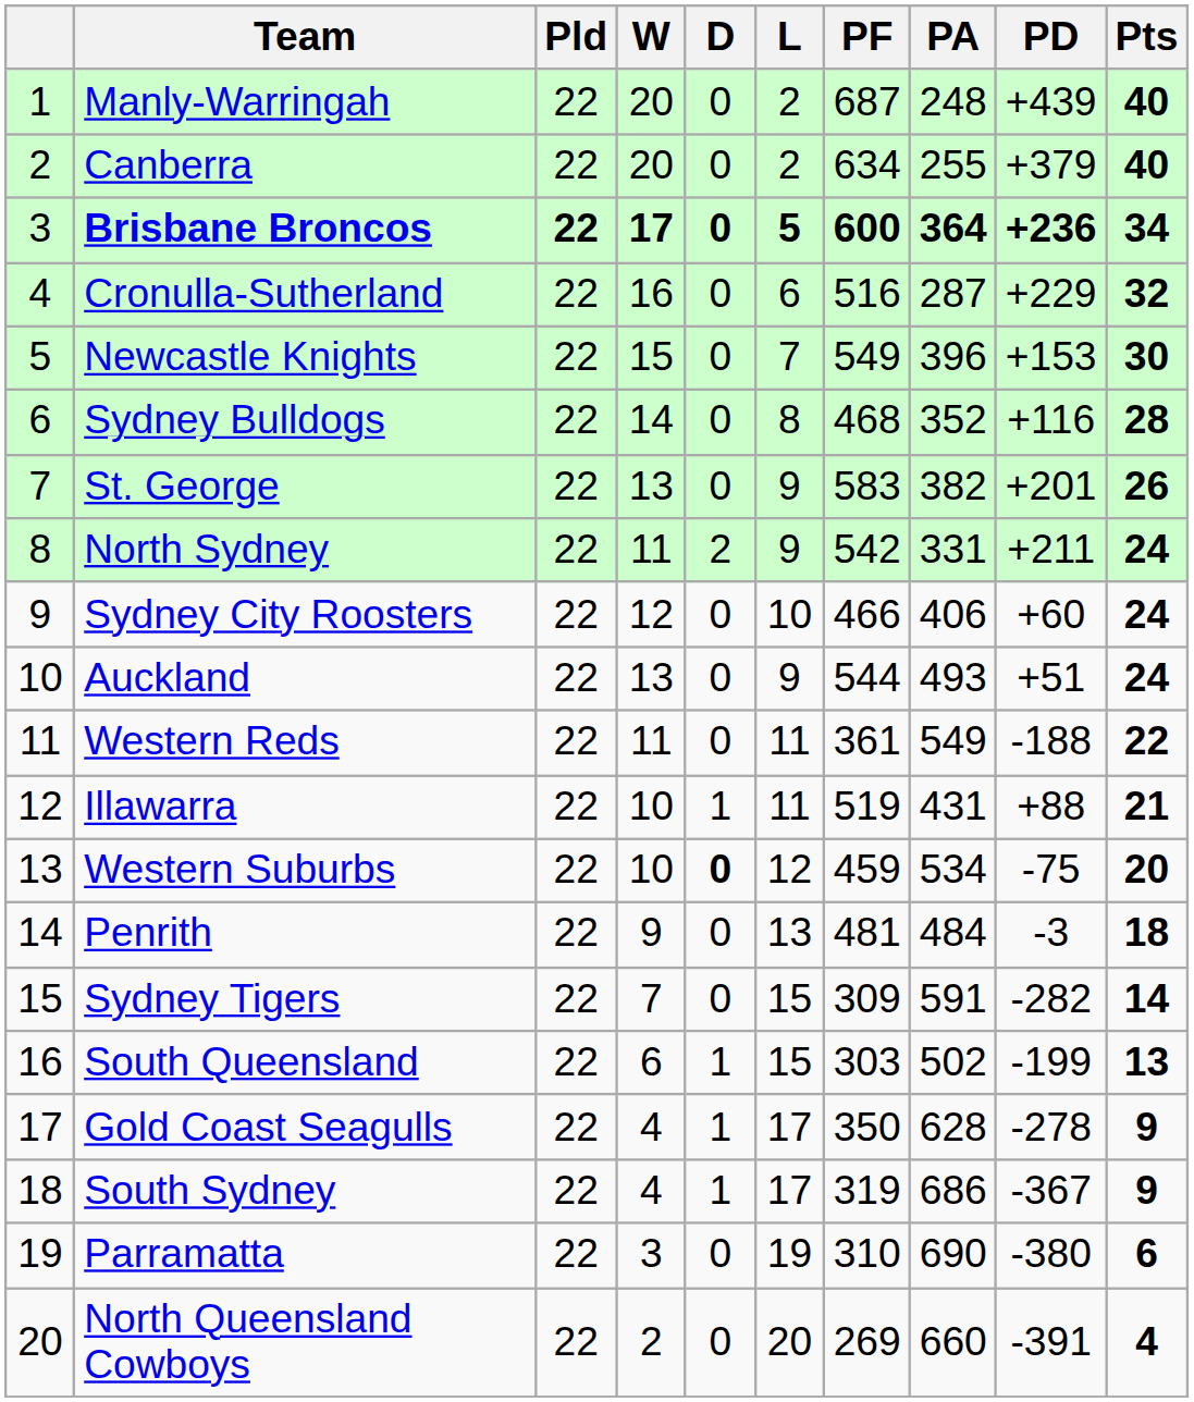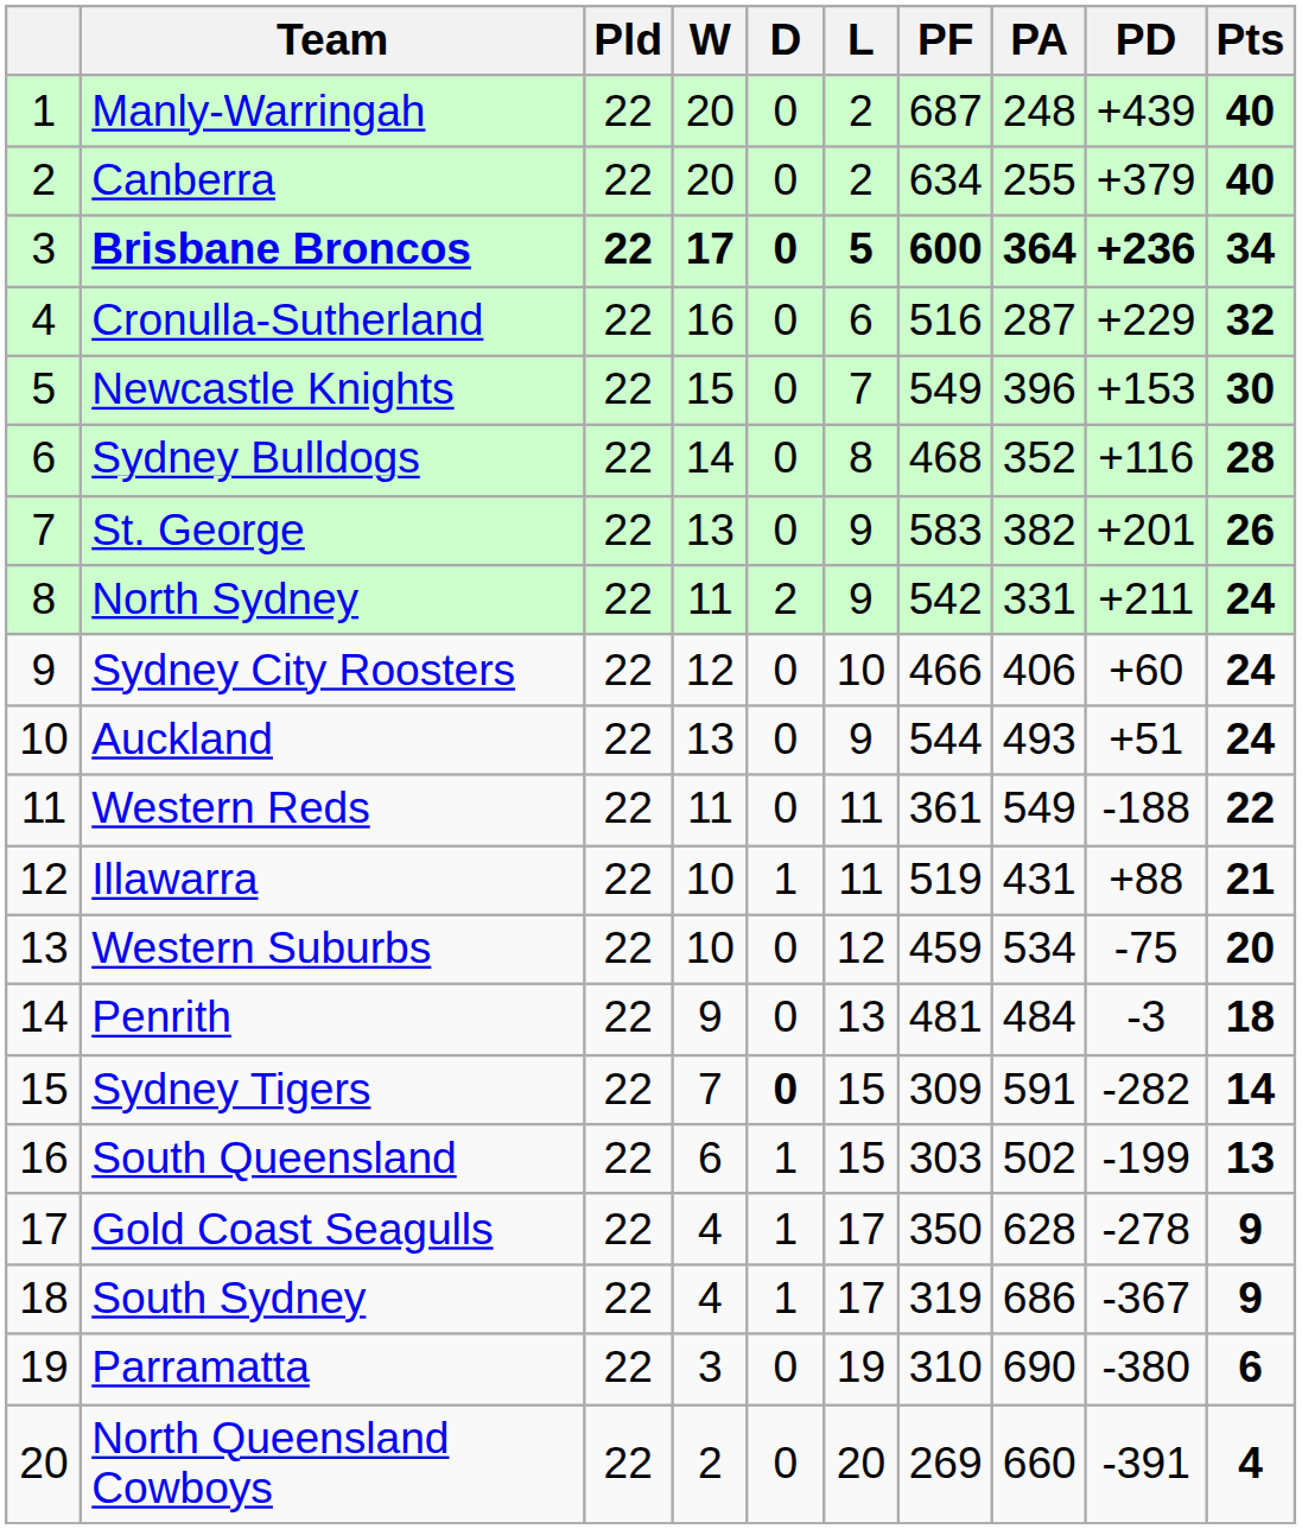 <table class="wikitable" style="text-align:center;">
 <tr>
 <th width=20 abbr="Position×"></th>
 <th width=175>Team</th>
 <th width=20 abbr="Played">Pld</th>
 <th width=20 abbr="Won">W</th>
 <th width=20 abbr="Drawn">D</th>
 <th width=20 abbr="Lost">L</th>
 <th width=20 abbr="Points for">PF</th>
 <th width=20 abbr="Points against">PA</th>
 <th width=20 abbr="Points difference">PD</th>
 <th width=20 abbr="Points">Pts</th>
 </tr>
 <tr style="background: #ccffcc;">
 <td>1</td>
 <td style="text-align:left;"> <a href='#'>Manly-Warringah</a></td>
 <td>22</td>
 <td>20</td>
 <td>0</td>
 <td>2</td>
 <td>687</td>
 <td>248</td>
 <td>+439</td>
 <td><strong>40</strong></td>
 </tr>
 <tr style="background: #ccffcc;">
 <td>2</td>
 <td style="text-align:left;"> <a href='#'>Canberra</a></td>
 <td>22</td>
 <td>20</td>
 <td>0</td>
 <td>2</td>
 <td>634</td>
 <td>255</td>
 <td>+379</td>
 <td><strong>40</strong></td>
 </tr>
 <tr style="background: #ccffcc;">
 <td>3</td>
 <td style="text-align:left;"> <strong><a href='#'>Brisbane Broncos</a></strong></td>
 <td><strong>22</strong></td>
 <td><strong>17</strong></td>
 <td><strong>0</strong></td>
 <td><strong>5</strong></td>
 <td><strong>600</strong></td>
 <td><strong>364</strong></td>
 <td><strong>+236</strong></td>
 <td><strong>34</strong></td>
 </tr>
 <tr style="background: #ccffcc;">
 <td>4</td>
 <td style="text-align:left;"> <a href='#'>Cronulla-Sutherland</a></td>
 <td>22</td>
 <td>16</td>
 <td>0</td>
 <td>6</td>
 <td>516</td>
 <td>287</td>
 <td>+229</td>
 <td><strong>32</strong></td>
 </tr>
 <tr style="background: #ccffcc;">
 <td>5</td>
 <td style="text-align:left;"> <a href='#'>Newcastle Knights</a></td>
 <td>22</td>
 <td>15</td>
 <td>0</td>
 <td>7</td>
 <td>549</td>
 <td>396</td>
 <td>+153</td>
 <td><strong>30</strong></td>
 </tr>
 <tr style="background: #ccffcc;">
 <td>6</td>
 <td style="text-align:left;"> <a href='#'>Sydney Bulldogs</a></td>
 <td>22</td>
 <td>14</td>
 <td>0</td>
 <td>8</td>
 <td>468</td>
 <td>352</td>
 <td>+116</td>
 <td><strong>28</strong></td>
 </tr>
 <tr style="background: #ccffcc;">
 <td>7</td>
 <td style="text-align:left;"> <a href='#'>St. George</a></td>
 <td>22</td>
 <td>13</td>
 <td>0</td>
 <td>9</td>
 <td>583</td>
 <td>382</td>
 <td>+201</td>
 <td><strong>26</strong></td>
 </tr>
 <tr style="background: #ccffcc;">
 <td>8</td>
 <td style="text-align:left;"> <a href='#'>North Sydney</a></td>
 <td>22</td>
 <td>11</td>
 <td>2</td>
 <td>9</td>
 <td>542</td>
 <td>331</td>
 <td>+211</td>
 <td><strong>24</strong></td>
 </tr>
 <tr>
 <td>9</td>
 <td style="text-align:left;"> <a href='#'>Sydney City Roosters</a></td>
 <td>22</td>
 <td>12</td>
 <td>0</td>
 <td>10</td>
 <td>466</td>
 <td>406</td>
 <td>+60</td>
 <td><strong>24</strong></td>
 </tr>
 <tr>
 <td>10</td>
 <td style="text-align:left;"> <a href='#'>Auckland</a></td>
 <td>22</td>
 <td>13</td>
 <td>0</td>
 <td>9</td>
 <td>544</td>
 <td>493</td>
 <td>+51</td>
 <td><strong>24</strong></td>
 </tr>
 <tr>
 <td>11</td>
 <td style="text-align:left;"> <a href='#'>Western Reds</a></td>
 <td>22</td>
 <td>11</td>
 <td>0</td>
 <td>11</td>
 <td>361</td>
 <td>549</td>
 <td>-188</td>
 <td><strong>22</strong></td>
 </tr>
 <tr>
 <td>12</td>
 <td style="text-align:left;"> <a href='#'>Illawarra</a></td>
 <td>22</td>
 <td>10</td>
 <td>1</td>
 <td>11</td>
 <td>519</td>
 <td>431</td>
 <td>+88</td>
 <td><strong>21</strong></td>
 </tr>
 <tr>
 <td>13</td>
 <td style="text-align:left;"> <a href='#'>Western Suburbs</a></td>
 <td>22</td>
 <td>10</td>
-<td><strong>0</strong></td>
+<td>0</td>
 <td>12</td>
 <td>459</td>
 <td>534</td>
 <td>-75</td>
 <td><strong>20</strong></td>
 </tr>
 <tr>
 <td>14</td>
 <td style="text-align:left;"> <a href='#'>Penrith</a></td>
 <td>22</td>
 <td>9</td>
 <td>0</td>
 <td>13</td>
 <td>481</td>
 <td>484</td>
 <td>-3</td>
 <td><strong>18</strong></td>
 </tr>
 <tr>
 <td>15</td>
 <td style="text-align:left;"> <a href='#'>Sydney Tigers</a></td>
 <td>22</td>
 <td>7</td>
-<td>0</td>
+<td><strong>0</strong></td>
 <td>15</td>
 <td>309</td>
 <td>591</td>
 <td>-282</td>
 <td><strong>14</strong></td>
 </tr>
 <tr>
 <td>16</td>
 <td style="text-align:left;"> <a href='#'>South Queensland</a></td>
 <td>22</td>
 <td>6</td>
 <td>1</td>
 <td>15</td>
 <td>303</td>
 <td>502</td>
 <td>-199</td>
 <td><strong>13</strong></td>
 </tr>
 <tr>
 <td>17</td>
 <td style="text-align:left;"> <a href='#'>Gold Coast Seagulls</a></td>
 <td>22</td>
 <td>4</td>
 <td>1</td>
 <td>17</td>
 <td>350</td>
 <td>628</td>
 <td>-278</td>
 <td><strong>9</strong></td>
 </tr>
 <tr>
 <td>18</td>
 <td style="text-align:left;"> <a href='#'>South Sydney</a></td>
 <td>22</td>
 <td>4</td>
 <td>1</td>
 <td>17</td>
 <td>319</td>
 <td>686</td>
 <td>-367</td>
 <td><strong>9</strong></td>
 </tr>
 <tr>
 <td>19</td>
 <td style="text-align:left;"> <a href='#'>Parramatta</a></td>
 <td>22</td>
 <td>3</td>
 <td>0</td>
 <td>19</td>
 <td>310</td>
 <td>690</td>
 <td>-380</td>
 <td><strong>6</strong></td>
 </tr>
 <tr>
 <td>20</td>
 <td style="text-align:left;"> <a href='#'>North Queensland Cowboys</a></td>
 <td>22</td>
 <td>2</td>
 <td>0</td>
 <td>20</td>
 <td>269</td>
 <td>660</td>
 <td>-391</td>
 <td><strong>4</strong></td>
 </tr>
 <tr>
 </tr>
 </table>
